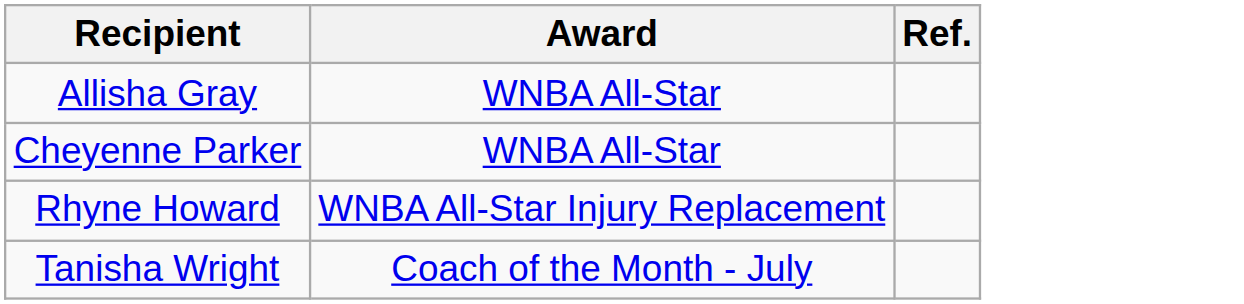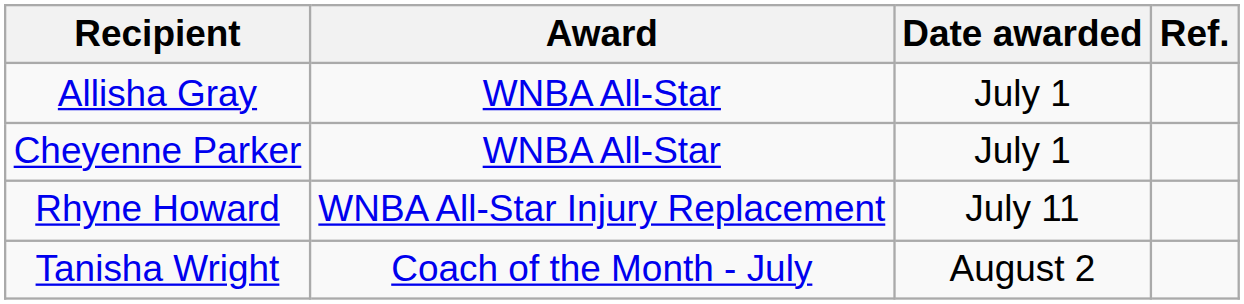 <table class="wikitable sortable sortable" style="text-align: center">
 <tr>
 <th>Recipient</th>
 <th>Award</th>
+<th>Date awarded</th>
 <th>Ref.</th>
 </tr>
 <tr>
 <td><a href='#'>Allisha Gray</a></td>
 <td><a href='#'>WNBA All-Star</a></td>
+<td>July 1</td>
 <td></td>
 </tr>
 <tr>
 <td><a href='#'>Cheyenne Parker</a></td>
 <td><a href='#'>WNBA All-Star</a></td>
+<td>July 1</td>
 <td></td>
 </tr>
 <tr>
 <td><a href='#'>Rhyne Howard</a></td>
 <td><a href='#'>WNBA All-Star Injury Replacement</a></td>
+<td>July 11</td>
 <td></td>
 </tr>
 <tr>
 <td><a href='#'>Tanisha Wright</a></td>
 <td><a href='#'>Coach of the Month - July</a></td>
+<td>August 2</td>
 <td></td>
 </tr>
 </table>
